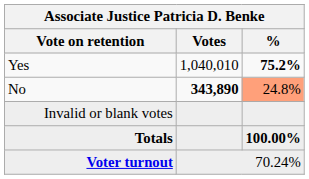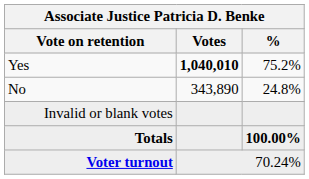 <table class="wikitable" style="font-size: 95%;">
 <tr style="background-color:#E9E9E9">
 <th colspan=7>Associate Justice Patricia D. Benke</th>
 </tr>
 <tr style="background-color:#E9E9E9">
 <th style="width: 170px">Vote on retention</th>
 <th style="width: 50px">Votes</th>
 <th style="width: 40px">%</th>
 </tr>
 <tr>
 <td>Yes</td>
-<td align="right">1,040,010</td>
-<td align="right"><strong>75.2%</strong></td>
+<td align="right"><strong>1,040,010</strong></td>
+<td align="right">75.2%</td>
 </tr>
 <tr>
 <td>No</td>
-<td align="right"><strong>343,890</strong></td>
-<td align="right" style="background: lightsalmon;">24.8%</td>
+<td align="right">343,890</td>
+<td align="right">24.8%</td>
 </tr>
 <tr bgcolor="#EEEEEE">
 <td align="right">Invalid or blank votes</td>
 <td align="right"></td>
 <td align="right"></td>
 </tr>
 <tr bgcolor="#EEEEEE">
 <td align="right"><strong>Totals</strong></td>
 <td align="right"><strong></strong></td>
 <td align="right"><strong>100.00%</strong></td>
 </tr>
 <tr bgcolor="#EEEEEE">
 <td align="right"><strong><a href='#'>Voter turnout</a></strong></td>
 <td colspan="2" align="right">70.24%</td>
 </tr>
 </table>
